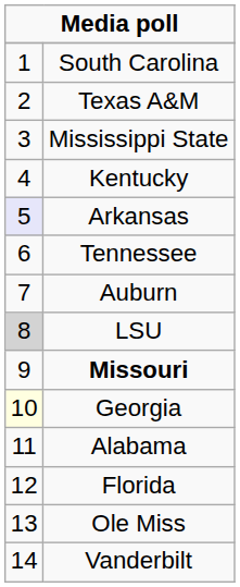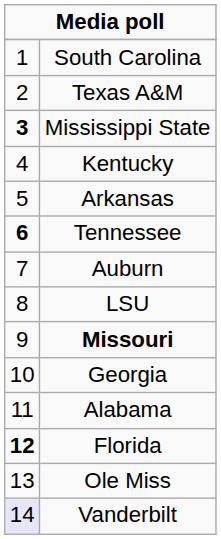 <table class="wikitable">
 <tr align="center">
 <td align="center" Colspan="3"><strong>Media poll</strong></td>
 </tr>
 <tr align="center">
 </tr>
 <tr align="center">
 <td>1</td>
 <td>South Carolina</td>
 </tr>
 <tr align="center">
 <td>2</td>
 <td>Texas A&M</td>
 </tr>
 <tr align="center">
-<td>3</td>
+<td><strong>3</strong></td>
 <td>Mississippi State</td>
 </tr>
 <tr align="center">
 <td>4</td>
 <td>Kentucky</td>
 </tr>
 <tr align="center">
-<td style="background: lavender;">5</td>
+<td>5</td>
 <td>Arkansas</td>
 </tr>
 <tr align="center">
-<td>6</td>
+<td><strong>6</strong></td>
 <td>Tennessee</td>
 </tr>
 <tr align="center">
 <td>7</td>
 <td>Auburn</td>
 </tr>
 <tr align="center">
-<td style="background: lightgrey;">8</td>
+<td>8</td>
 <td>LSU</td>
 </tr>
 <tr align="center">
 <td>9</td>
 <td><strong>Missouri</strong></td>
 </tr>
 <tr align="center">
-<td style="background: lightyellow;">10</td>
+<td>10</td>
 <td>Georgia</td>
 </tr>
 <tr align="center">
 <td>11</td>
 <td>Alabama</td>
 </tr>
 <tr align="center">
-<td>12</td>
+<td><strong>12</strong></td>
 <td>Florida</td>
 </tr>
 <tr align="center">
 <td>13</td>
 <td>Ole Miss</td>
 </tr>
 <tr align="center">
-<td>14</td>
+<td style="background: lavender;">14</td>
 <td>Vanderbilt</td>
 </tr>
 </table>
